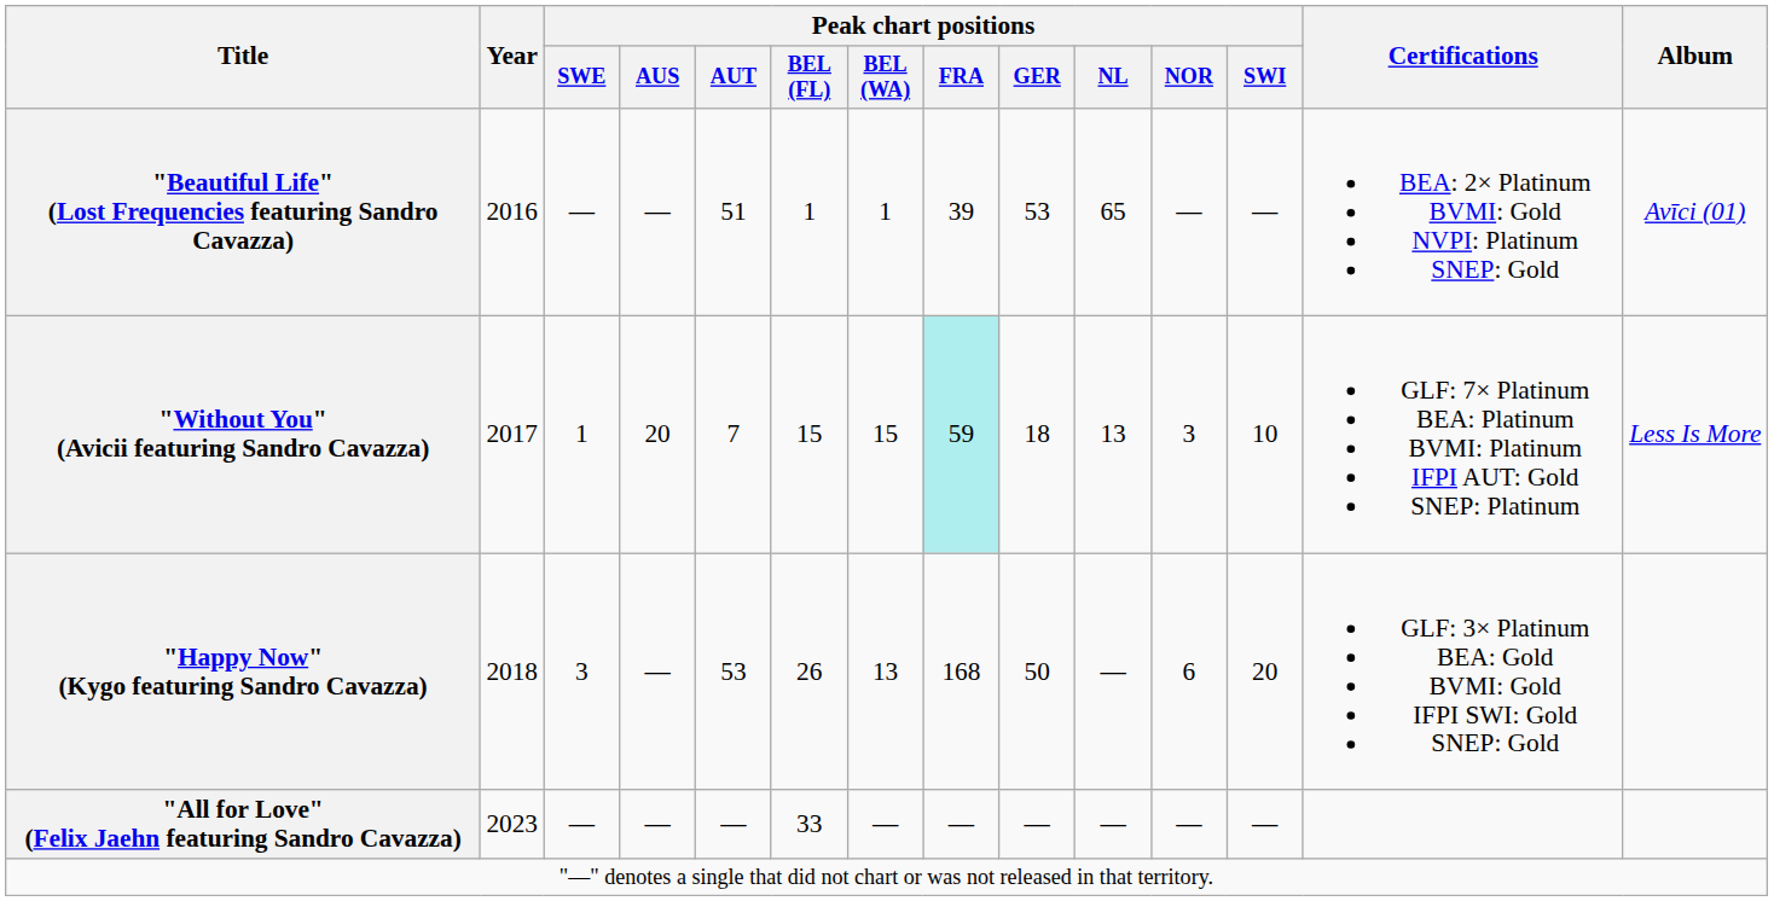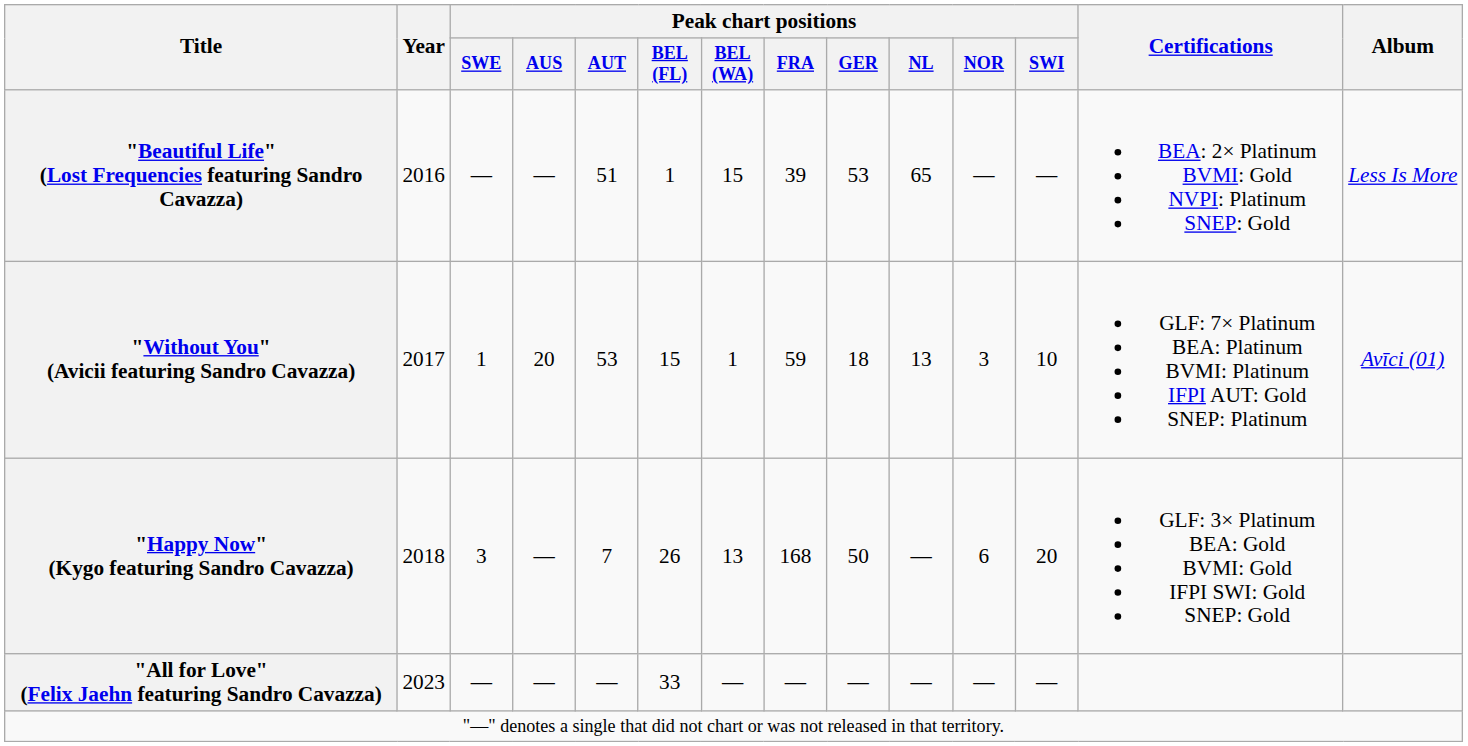 <table class="wikitable plainrowheaders" style="text-align:center;">
 <tr>
 <th scope="col" rowspan="2" style="width:18em;">Title</th>
 <th scope="col" rowspan="2" style="width:1em;">Year</th>
 <th scope="col" colspan="10">Peak chart positions</th>
 <th scope="col" rowspan="2" style="width:12em;"><a href='#'>Certifications</a></th>
 <th scope="col" rowspan="2">Album</th>
 </tr>
 <tr>
 <th scope="col" style="width:3em;font-size:85%;"><a href='#'>SWE</a><br></th>
 <th scope="col" style="width:3em;font-size:85%;"><a href='#'>AUS</a><br></th>
 <th scope="col" style="width:3em;font-size:85%;"><a href='#'>AUT</a><br></th>
 <th scope="col" style="width:3em;font-size:85%;"><a href='#'>BEL<br>(FL)</a><br></th>
 <th scope="col" style="width:3em;font-size:85%;"><a href='#'>BEL<br>(WA)</a><br></th>
 <th scope="col" style="width:3em;font-size:85%;"><a href='#'>FRA</a><br></th>
 <th scope="col" style="width:3em;font-size:85%;"><a href='#'>GER</a><br></th>
 <th scope="col" style="width:3em;font-size:85%;"><a href='#'>NL</a><br></th>
 <th scope="col" style="width:3em;font-size:85%;"><a href='#'>NOR</a><br></th>
 <th scope="col" style="width:3em;font-size:85%;"><a href='#'>SWI</a><br></th>
 </tr>
 <tr>
 <th scope="row">"<a href='#'>Beautiful Life</a>"<br><span>(<a href='#'>Lost Frequencies</a> featuring Sandro Cavazza)</span></th>
 <td>2016</td>
 <td>—</td>
 <td>—</td>
 <td>51</td>
 <td>1</td>
-<td>1</td>
+<td>15</td>
 <td>39</td>
 <td>53</td>
 <td>65</td>
 <td>—</td>
 <td>—</td>
 <td><br><ul><li><a href='#'>BEA</a>: 2× Platinum</li><li><a href='#'>BVMI</a>: Gold</li><li><a href='#'>NVPI</a>: Platinum</li><li><a href='#'>SNEP</a>: Gold</li></ul></td>
-<td><em><a href='#'>Avīci (01)</a></em></td>
+<td><em><a href='#'>Less Is More</a></em></td>
 </tr>
 <tr>
 <th scope="row">"<a href='#'>Without You</a>"<br><span>(Avicii featuring Sandro Cavazza)</span></th>
 <td>2017</td>
 <td>1</td>
 <td>20</td>
-<td>7</td>
+<td>53</td>
 <td>15</td>
-<td>15</td>
-<td style="background: paleturquoise;">59</td>
+<td>1</td>
+<td>59</td>
 <td>18</td>
 <td>13</td>
 <td>3</td>
 <td>10</td>
 <td><br><ul><li>GLF: 7× Platinum</li><li>BEA: Platinum</li><li>BVMI: Platinum</li><li><a href='#'>IFPI</a> AUT: Gold</li><li>SNEP: Platinum</li></ul></td>
-<td><em><a href='#'>Less Is More</a></em></td>
+<td><em><a href='#'>Avīci (01)</a></em></td>
 </tr>
 <tr>
 <th scope="row">"<a href='#'>Happy Now</a>"<br><span>(Kygo featuring Sandro Cavazza)</span></th>
 <td>2018</td>
 <td>3</td>
 <td>—</td>
-<td>53</td>
+<td>7</td>
 <td>26</td>
 <td>13</td>
 <td>168</td>
 <td>50</td>
 <td>—</td>
 <td>6</td>
 <td>20</td>
 <td><br><ul><li>GLF: 3× Platinum</li><li>BEA: Gold</li><li>BVMI: Gold</li><li>IFPI SWI: Gold</li><li>SNEP: Gold</li></ul></td>
 <td></td>
 </tr>
 <tr>
 <th scope="row">"All for Love"<br><span>(<a href='#'>Felix Jaehn</a> featuring Sandro Cavazza)</span></th>
 <td>2023</td>
 <td>—</td>
 <td>—</td>
 <td>—</td>
 <td>33</td>
 <td>—</td>
 <td>—</td>
 <td>—</td>
 <td>—</td>
 <td>—</td>
 <td>—</td>
 <td></td>
 <td></td>
 </tr>
 <tr>
 <td colspan="20" style="font-size:85%">"—" denotes a single that did not chart or was not released in that territory.</td>
 </tr>
 </table>
